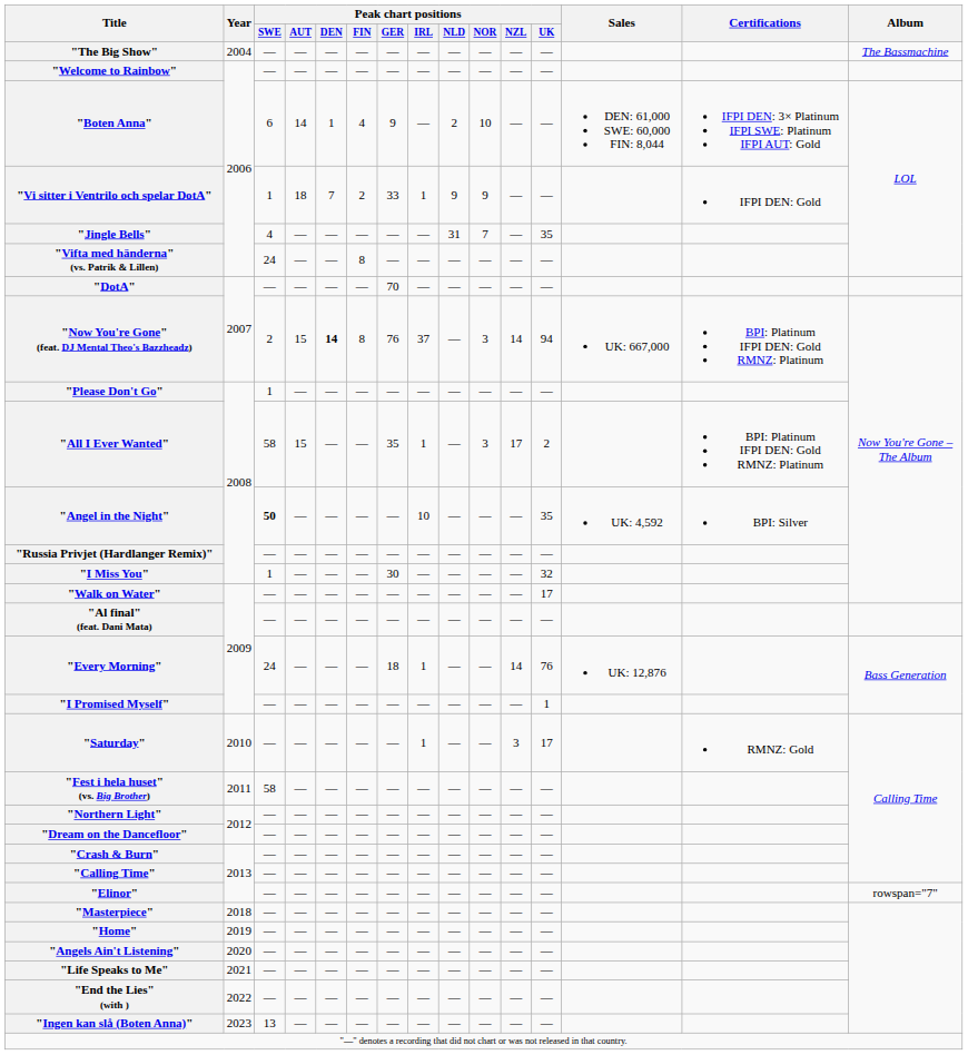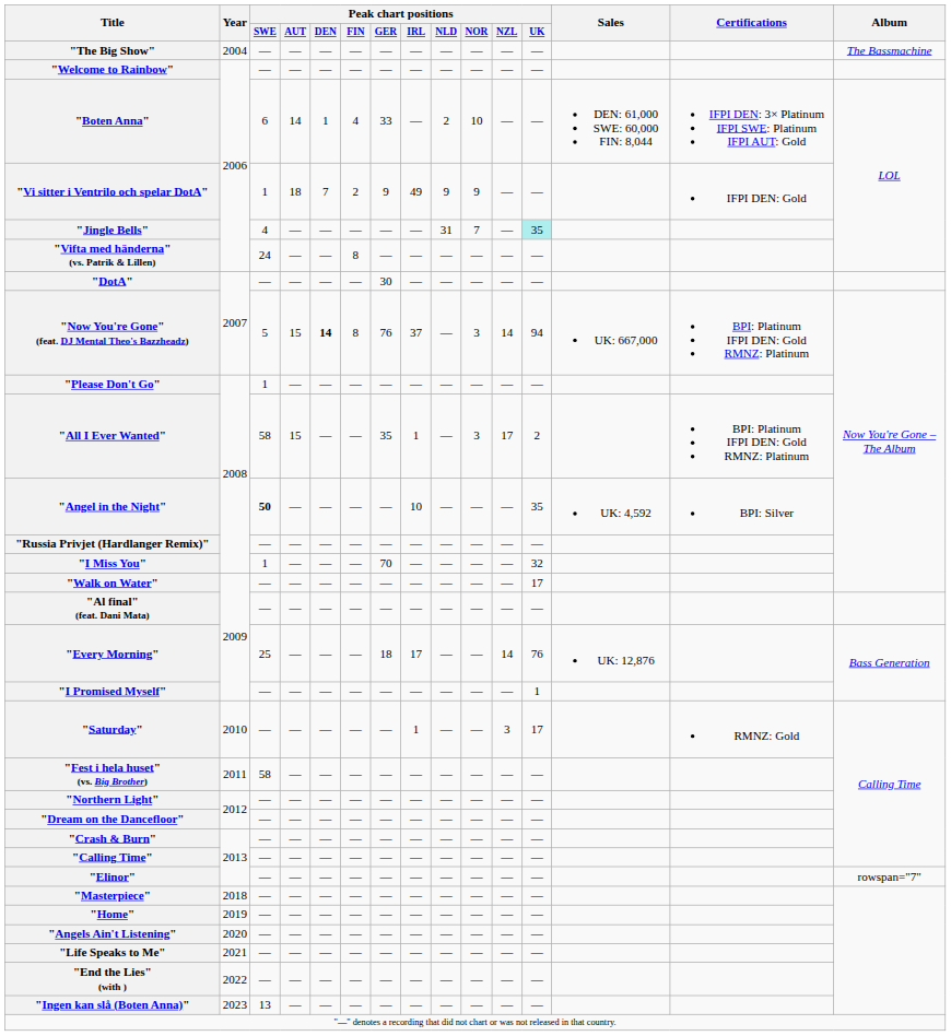 <table class="wikitable plainrowheaders" style="text-align:center;">
 <tr>
 <th scope="col" rowspan="2" style="width:18em;">Title</th>
 <th scope="col" rowspan="2" style="width:1em;">Year</th>
 <th scope="col" colspan="10">Peak chart positions</th>
 <th scope="col" rowspan="2" style="width:9.5em;">Sales</th>
 <th scope="col" rowspan="2" style="width:13.5em;"><a href='#'>Certifications</a></th>
 <th scope="col" rowspan="2" style="width:9em;">Album</th>
 </tr>
 <tr>
 <th style="width:2.5em; font-size:85%"><a href='#'>SWE</a><br></th>
 <th style="width:2.5em; font-size:85%"><a href='#'>AUT</a><br></th>
 <th style="width:2.5em; font-size:85%"><a href='#'>DEN</a><br></th>
 <th style="width:2.5em; font-size:85%"><a href='#'>FIN</a><br></th>
 <th style="width:2.5em; font-size:85%"><a href='#'>GER</a><br></th>
 <th style="width:2.5em; font-size:85%"><a href='#'>IRL</a><br></th>
 <th style="width:2.5em; font-size:85%"><a href='#'>NLD</a><br></th>
 <th style="width:2.5em; font-size:85%"><a href='#'>NOR</a><br></th>
 <th style="width:2.5em; font-size:85%"><a href='#'>NZL</a><br></th>
 <th style="width:2.5em; font-size:85%"><a href='#'>UK</a><br></th>
 </tr>
 <tr>
 <th scope="row">"The Big Show"</th>
 <td>2004</td>
 <td>—</td>
 <td>—</td>
 <td>—</td>
 <td>—</td>
 <td>—</td>
 <td>—</td>
 <td>—</td>
 <td>—</td>
 <td>—</td>
 <td>—</td>
 <td></td>
 <td></td>
 <td><em><a href='#'>The Bassmachine</a></em></td>
 </tr>
 <tr>
 <th scope="row">"<a href='#'>Welcome to Rainbow</a>"</th>
 <td rowspan="5">2006</td>
 <td>—</td>
 <td>—</td>
 <td>—</td>
 <td>—</td>
 <td>—</td>
 <td>—</td>
 <td>—</td>
 <td>—</td>
 <td>—</td>
 <td>—</td>
 <td></td>
 <td></td>
 <td></td>
 </tr>
 <tr>
 <th scope="row">"<a href='#'>Boten Anna</a>"</th>
 <td>6</td>
 <td>14</td>
 <td>1</td>
 <td>4</td>
-<td>9</td>
+<td>33</td>
 <td>—</td>
 <td>2</td>
 <td>10</td>
 <td>—</td>
 <td>—</td>
 <td><br><ul><li>DEN: 61,000</li><li>SWE: 60,000</li><li>FIN: 8,044</li></ul></td>
 <td><br><ul><li><a href='#'>IFPI DEN</a>: 3× Platinum</li><li><a href='#'>IFPI SWE</a>: Platinum</li><li><a href='#'>IFPI AUT</a>: Gold</li></ul></td>
 <td rowspan="4"><em><a href='#'>LOL</a></em></td>
 </tr>
 <tr>
 <th scope="row">"<a href='#'>Vi sitter i Ventrilo och spelar DotA</a>"</th>
 <td>1</td>
 <td>18</td>
 <td>7</td>
 <td>2</td>
-<td>33</td>
-<td>1</td>
+<td>9</td>
+<td>49</td>
 <td>9</td>
 <td>9</td>
 <td>—</td>
 <td>—</td>
 <td></td>
 <td><br><ul><li>IFPI DEN: Gold</li></ul></td>
 </tr>
 <tr>
 <th scope="row">"<a href='#'>Jingle Bells</a>"</th>
 <td>4</td>
 <td>—</td>
 <td>—</td>
 <td>—</td>
 <td>—</td>
 <td>—</td>
 <td>31</td>
 <td>7</td>
 <td>—</td>
-<td>35</td>
+<td style="background: paleturquoise;">35</td>
 <td></td>
 <td></td>
 </tr>
 <tr>
 <th scope="row">"<a href='#'>Vifta med händerna</a>"<br><small>(vs. Patrik & Lillen)</small></th>
 <td>24</td>
 <td>—</td>
 <td>—</td>
 <td>8</td>
 <td>—</td>
 <td>—</td>
 <td>—</td>
 <td>—</td>
 <td>—</td>
 <td>—</td>
 <td></td>
 <td></td>
 </tr>
 <tr>
 <th scope="row">"<a href='#'>DotA</a>"</th>
 <td rowspan="2">2007</td>
 <td>—</td>
 <td>—</td>
 <td>—</td>
 <td>—</td>
-<td>70</td>
+<td>30</td>
 <td>—</td>
 <td>—</td>
 <td>—</td>
 <td>—</td>
 <td>—</td>
 <td></td>
 <td></td>
 <td></td>
 </tr>
 <tr>
 <th scope="row">"<a href='#'>Now You're Gone</a>"<br><small>(feat. <a href='#'>DJ Mental Theo's Bazzheadz</a>)</small></th>
-<td>2</td>
+<td>5</td>
 <td>15</td>
 <td><strong>14</strong></td>
 <td>8</td>
 <td>76</td>
 <td>37</td>
 <td>—</td>
 <td>3</td>
 <td>14</td>
 <td>94</td>
 <td><br><ul><li>UK: 667,000</li></ul></td>
 <td><br><ul><li><a href='#'>BPI</a>: Platinum</li><li>IFPI DEN: Gold</li><li><a href='#'>RMNZ</a>: Platinum</li></ul></td>
 <td rowspan="7"><em><a href='#'>Now You're Gone – The Album</a></em></td>
 </tr>
 <tr>
 <th scope="row">"<a href='#'>Please Don't Go</a>"</th>
 <td rowspan="5">2008</td>
 <td>1</td>
 <td>—</td>
 <td>—</td>
 <td>—</td>
 <td>—</td>
 <td>—</td>
 <td>—</td>
 <td>—</td>
 <td>—</td>
 <td>—</td>
 <td></td>
 <td></td>
 </tr>
 <tr>
 <th scope="row">"<a href='#'>All I Ever Wanted</a>"</th>
 <td>58</td>
 <td>15</td>
 <td>—</td>
 <td>—</td>
 <td>35</td>
 <td>1</td>
 <td>—</td>
 <td>3</td>
 <td>17</td>
 <td>2</td>
 <td></td>
 <td><br><ul><li>BPI: Platinum</li><li>IFPI DEN: Gold</li><li>RMNZ: Platinum</li></ul></td>
 </tr>
 <tr>
 <th scope="row">"<a href='#'>Angel in the Night</a>"</th>
 <td><strong>50</strong></td>
 <td>—</td>
 <td>—</td>
 <td>—</td>
 <td>—</td>
 <td>10</td>
 <td>—</td>
 <td>—</td>
 <td>—</td>
 <td>35</td>
 <td><br><ul><li>UK: 4,592</li></ul></td>
 <td><br><ul><li>BPI: Silver</li></ul></td>
 </tr>
 <tr>
 <th scope="row">"Russia Privjet (Hardlanger Remix)"</th>
 <td>—</td>
 <td>—</td>
 <td>—</td>
 <td>—</td>
 <td>—</td>
 <td>—</td>
 <td>—</td>
 <td>—</td>
 <td>—</td>
 <td>—</td>
 <td></td>
 <td></td>
 </tr>
 <tr>
 <th scope="row">"<a href='#'>I Miss You</a>"</th>
 <td>1</td>
 <td>—</td>
 <td>—</td>
 <td>—</td>
-<td>30</td>
+<td>70</td>
 <td>—</td>
 <td>—</td>
 <td>—</td>
 <td>—</td>
 <td>32</td>
 <td></td>
 <td></td>
 </tr>
 <tr>
 <th scope="row">"<a href='#'>Walk on Water</a>"</th>
 <td rowspan="4">2009</td>
 <td>—</td>
 <td>—</td>
 <td>—</td>
 <td>—</td>
 <td>—</td>
 <td>—</td>
 <td>—</td>
 <td>—</td>
 <td>—</td>
 <td>17</td>
 <td></td>
 <td></td>
 </tr>
 <tr>
 <th scope="row">"Al final"<br><small>(feat. Dani Mata)</small></th>
 <td>—</td>
 <td>—</td>
 <td>—</td>
 <td>—</td>
 <td>—</td>
 <td>—</td>
 <td>—</td>
 <td>—</td>
 <td>—</td>
 <td>—</td>
 <td></td>
 <td></td>
 <td></td>
 </tr>
 <tr>
 <th scope="row">"<a href='#'>Every Morning</a>"</th>
-<td>24</td>
+<td>25</td>
 <td>—</td>
 <td>—</td>
 <td>—</td>
 <td>18</td>
-<td>1</td>
+<td>17</td>
 <td>—</td>
 <td>—</td>
 <td>14</td>
 <td>76</td>
 <td><br><ul><li>UK: 12,876</li></ul></td>
 <td></td>
 <td rowspan="2"><em><a href='#'>Bass Generation</a></em></td>
 </tr>
 <tr>
 <th scope="row">"<a href='#'>I Promised Myself</a>"</th>
 <td>—</td>
 <td>—</td>
 <td>—</td>
 <td>—</td>
 <td>—</td>
 <td>—</td>
 <td>—</td>
 <td>—</td>
 <td>—</td>
 <td>1</td>
 <td></td>
 <td></td>
 </tr>
 <tr>
 <th scope="row">"<a href='#'>Saturday</a>"</th>
 <td>2010</td>
 <td>—</td>
 <td>—</td>
 <td>—</td>
 <td>—</td>
 <td>—</td>
 <td>1</td>
 <td>—</td>
 <td>—</td>
 <td>3</td>
 <td>17</td>
 <td></td>
 <td><br><ul><li>RMNZ: Gold</li></ul></td>
 <td rowspan="6"><em><a href='#'>Calling Time</a></em></td>
 </tr>
 <tr>
 <th scope="row">"<a href='#'>Fest i hela huset</a>"<br><small>(vs. <em><a href='#'>Big Brother</a></em>)</small></th>
 <td>2011</td>
 <td>58</td>
 <td>—</td>
 <td>—</td>
 <td>—</td>
 <td>—</td>
 <td>—</td>
 <td>—</td>
 <td>—</td>
 <td>—</td>
 <td>—</td>
 <td></td>
 <td></td>
 </tr>
 <tr>
 <th scope="row">"<a href='#'>Northern Light</a>"</th>
 <td rowspan="2">2012</td>
 <td>—</td>
 <td>—</td>
 <td>—</td>
 <td>—</td>
 <td>—</td>
 <td>—</td>
 <td>—</td>
 <td>—</td>
 <td>—</td>
 <td>—</td>
 <td></td>
 <td></td>
 </tr>
 <tr>
 <th scope="row">"<a href='#'>Dream on the Dancefloor</a>"</th>
 <td>—</td>
 <td>—</td>
 <td>—</td>
 <td>—</td>
 <td>—</td>
 <td>—</td>
 <td>—</td>
 <td>—</td>
 <td>—</td>
 <td>—</td>
 <td></td>
 <td></td>
 </tr>
 <tr>
 <th scope="row">"<a href='#'>Crash & Burn</a>"</th>
 <td rowspan="3">2013</td>
 <td>—</td>
 <td>—</td>
 <td>—</td>
 <td>—</td>
 <td>—</td>
 <td>—</td>
 <td>—</td>
 <td>—</td>
 <td>—</td>
 <td>—</td>
 <td></td>
 <td></td>
 </tr>
 <tr>
 <th scope="row">"<a href='#'>Calling Time</a>"</th>
 <td>—</td>
 <td>—</td>
 <td>—</td>
 <td>—</td>
 <td>—</td>
 <td>—</td>
 <td>—</td>
 <td>—</td>
 <td>—</td>
 <td>—</td>
 <td></td>
 <td></td>
 </tr>
 <tr>
 <th scope="row">"<a href='#'>Elinor</a>"</th>
 <td>—</td>
 <td>—</td>
 <td>—</td>
 <td>—</td>
 <td>—</td>
 <td>—</td>
 <td>—</td>
 <td>—</td>
 <td>—</td>
 <td>—</td>
 <td></td>
 <td></td>
 <td>rowspan="7" </td>
 </tr>
 <tr>
 <th scope="row">"<a href='#'>Masterpiece</a>"</th>
 <td>2018</td>
 <td>—</td>
 <td>—</td>
 <td>—</td>
 <td>—</td>
 <td>—</td>
 <td>—</td>
 <td>—</td>
 <td>—</td>
 <td>—</td>
 <td>—</td>
 <td></td>
 <td></td>
 </tr>
 <tr>
 <th scope="row">"<a href='#'>Home</a>"</th>
 <td>2019</td>
 <td>—</td>
 <td>—</td>
 <td>—</td>
 <td>—</td>
 <td>—</td>
 <td>—</td>
 <td>—</td>
 <td>—</td>
 <td>—</td>
 <td>—</td>
 <td></td>
 <td></td>
 </tr>
 <tr>
 <th scope="row">"<a href='#'>Angels Ain't Listening</a>"</th>
 <td>2020</td>
 <td>—</td>
 <td>—</td>
 <td>—</td>
 <td>—</td>
 <td>—</td>
 <td>—</td>
 <td>—</td>
 <td>—</td>
 <td>—</td>
 <td>—</td>
 <td></td>
 <td></td>
 </tr>
 <tr>
 <th scope="row">"Life Speaks to Me"</th>
 <td>2021</td>
 <td>—</td>
 <td>—</td>
 <td>—</td>
 <td>—</td>
 <td>—</td>
 <td>—</td>
 <td>—</td>
 <td>—</td>
 <td>—</td>
 <td>—</td>
 <td></td>
 <td></td>
 </tr>
 <tr>
 <th scope="row">"End the Lies"<br><small>(with )</small></th>
 <td>2022</td>
 <td>—</td>
 <td>—</td>
 <td>—</td>
 <td>—</td>
 <td>—</td>
 <td>—</td>
 <td>—</td>
 <td>—</td>
 <td>—</td>
 <td>—</td>
 <td></td>
 <td></td>
 </tr>
 <tr>
 <th scope="row">"<a href='#'>Ingen kan slå (Boten Anna)</a>"<br></th>
 <td>2023</td>
 <td>13</td>
 <td>—</td>
 <td>—</td>
 <td>—</td>
 <td>—</td>
 <td>—</td>
 <td>—</td>
 <td>—</td>
 <td>—</td>
 <td>—</td>
 <td></td>
 <td></td>
 </tr>
 <tr>
 <td colspan="15" style="font-size:9pt">"—" denotes a recording that did not chart or was not released in that country.</td>
 </tr>
 </table>
